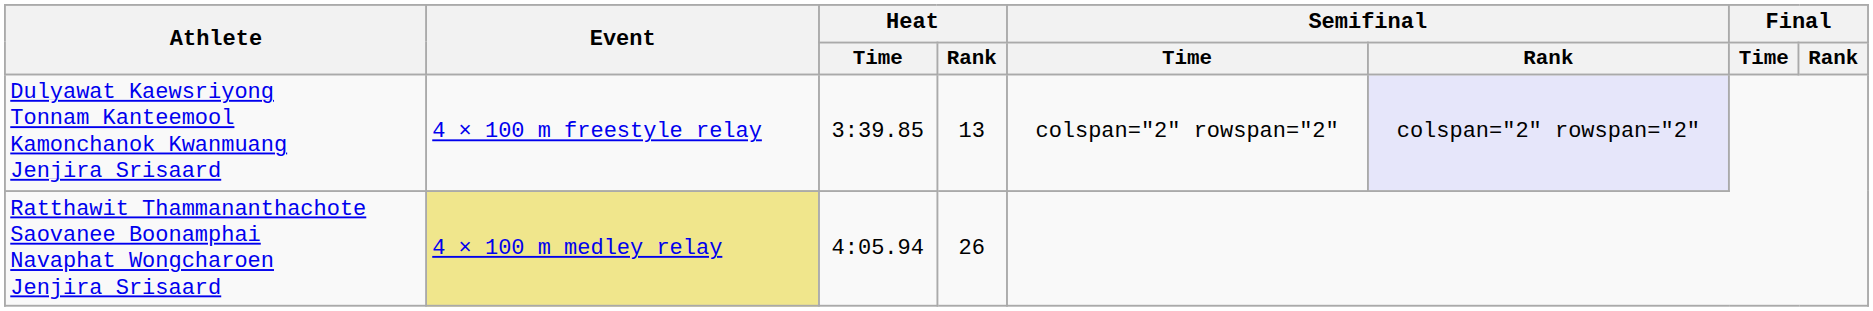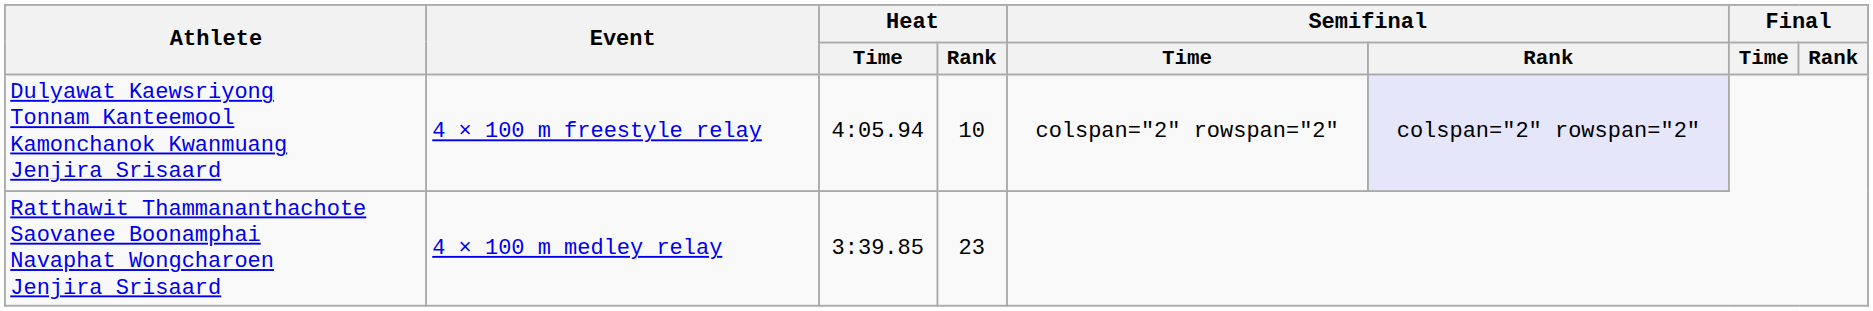 <table class="wikitable" style="text-align:center; font-size:90%; width:50%;">
 <tr>
 <th rowspan="2">Athlete</th>
 <th rowspan="2">Event</th>
 <th colspan="2">Heat</th>
 <th colspan="2">Semifinal</th>
 <th colspan="2">Final</th>
 </tr>
 <tr style="font-size:95%">
 <th>Time</th>
 <th>Rank</th>
 <th>Time</th>
 <th>Rank</th>
 <th>Time</th>
 <th>Rank</th>
 </tr>
 <tr align=center>
 <td align=left><a href='#'>Dulyawat Kaewsriyong</a> <br><a href='#'>Tonnam Kanteemool</a>  <br><a href='#'>Kamonchanok Kwanmuang</a> <br><a href='#'>Jenjira Srisaard</a></td>
 <td align=left><a href='#'>4 × 100 m freestyle relay</a></td>
-<td>3:39.85</td>
-<td>13</td>
+<td>4:05.94</td>
+<td>10</td>
 <td>colspan="2" rowspan="2" </td>
 <td style="background: lavender;">colspan="2" rowspan="2"</td>
 </tr>
 <tr align=center>
 <td align=left><a href='#'>Ratthawit Thammananthachote</a> <br><a href='#'>Saovanee Boonamphai</a> <br><a href='#'>Navaphat Wongcharoen</a>  <br><a href='#'>Jenjira Srisaard</a></td>
-<td align=left style="background: khaki;"><a href='#'>4 × 100 m medley relay</a></td>
-<td>4:05.94</td>
-<td>26</td>
+<td align=left><a href='#'>4 × 100 m medley relay</a></td>
+<td>3:39.85</td>
+<td>23</td>
 </tr>
 </table>
